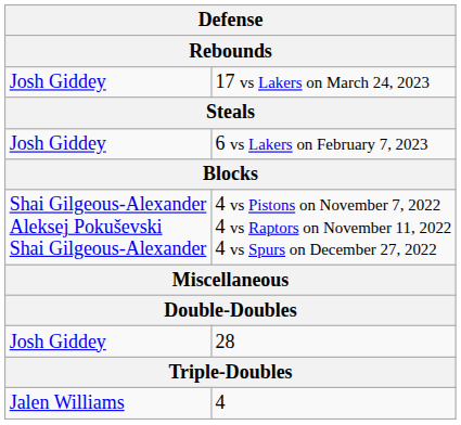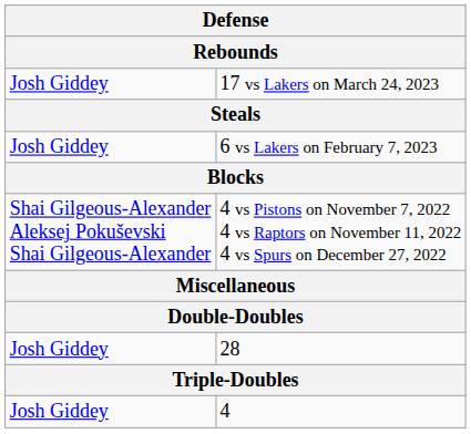 <table class="wikitable plainrowheaders">
 <tr>
 <th colspan="6">Defense</th>
 </tr>
 <tr>
 <th colspan="6">Rebounds</th>
 </tr>
 <tr>
 <td><a href='#'>Josh Giddey</a></td>
 <td>17 <small>vs <a href='#'>Lakers</a> on March 24, 2023</small></td>
 </tr>
 <tr>
 <th colspan="6">Steals</th>
 </tr>
 <tr>
 <td><a href='#'>Josh Giddey</a></td>
 <td>6 <small>vs <a href='#'>Lakers</a> on February 7, 2023</small></td>
 </tr>
 <tr>
 <th colspan="6">Blocks</th>
 </tr>
 <tr>
 <td><a href='#'>Shai Gilgeous-Alexander</a><br><a href='#'>Aleksej Pokuševski</a><br><a href='#'>Shai Gilgeous-Alexander</a></td>
 <td>4 <small>vs <a href='#'>Pistons</a> on November 7, 2022</small><br>4 <small>vs <a href='#'>Raptors</a> on November 11, 2022</small><br>4 <small>vs <a href='#'>Spurs</a> on December 27, 2022</small></td>
 </tr>
 <tr>
 <th colspan="6">Miscellaneous</th>
 </tr>
 <tr>
 <th colspan="6">Double-Doubles</th>
 </tr>
 <tr>
 <td><a href='#'>Josh Giddey</a></td>
 <td>28</td>
 </tr>
 <tr>
 <th colspan="6">Triple-Doubles</th>
 </tr>
 <tr>
-<td><a href='#'>Jalen Williams</a></td>
+<td><a href='#'>Josh Giddey</a></td>
 <td>4</td>
 </tr>
 </table>
